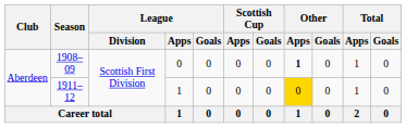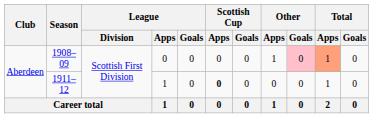 <table class="wikitable" style="text-align: center;">
 <tr>
 <th rowspan="2">Club</th>
 <th rowspan="2">Season</th>
 <th colspan="3">League</th>
 <th colspan="2">Scottish Cup</th>
 <th colspan="2">Other</th>
 <th colspan="2">Total</th>
 </tr>
 <tr>
 <th>Division</th>
 <th>Apps</th>
 <th>Goals</th>
 <th>Apps</th>
 <th>Goals</th>
 <th>Apps</th>
 <th>Goals</th>
 <th>Apps</th>
 <th>Goals</th>
 </tr>
 <tr>
 <td rowspan="2"><a href='#'>Aberdeen</a></td>
 <td><a href='#'>1908–09</a></td>
 <td rowspan="2"><a href='#'>Scottish First Division</a></td>
 <td>0</td>
 <td>0</td>
 <td>0</td>
 <td>0</td>
-<td><strong>1</strong></td>
-<td>0</td>
 <td>1</td>
+<td style="background: pink;">0</td>
+<td style="background: lightsalmon;">1</td>
 <td>0</td>
 </tr>
 <tr>
 <td><a href='#'>1911–12</a></td>
 <td>1</td>
 <td>0</td>
+<td><strong>0</strong></td>
 <td>0</td>
 <td>0</td>
-<td style="background: gold;">0</td>
 <td>0</td>
 <td>1</td>
 <td>0</td>
 </tr>
 <tr>
 <th colspan="3">Career total</th>
 <th>1</th>
 <th>0</th>
 <th>0</th>
 <th>0</th>
 <th>1</th>
 <th>0</th>
 <th>2</th>
 <th>0</th>
 </tr>
 </table>
